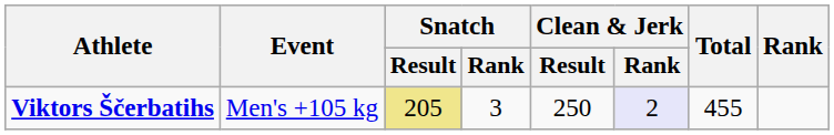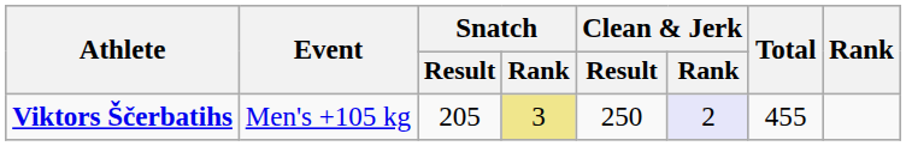 <table class="wikitable" style="font-size:90%">
 <tr>
 <th rowspan="2">Athlete</th>
 <th rowspan="2">Event</th>
 <th colspan="2">Snatch</th>
 <th colspan="2">Clean & Jerk</th>
 <th rowspan="2">Total</th>
 <th rowspan="2">Rank</th>
 </tr>
 <tr style="font-size:95%">
 <th>Result</th>
 <th>Rank</th>
 <th>Result</th>
 <th>Rank</th>
 </tr>
 <tr align=center>
 <td align=left><strong><a href='#'>Viktors Ščerbatihs</a></strong></td>
 <td align=left><a href='#'>Men's +105 kg</a></td>
-<td style="background: khaki;">205</td>
-<td>3</td>
+<td>205</td>
+<td style="background: khaki;">3</td>
 <td>250</td>
 <td style="background: lavender;">2</td>
 <td>455</td>
 <td></td>
 </tr>
 </table>
